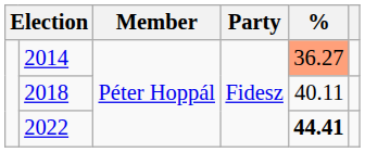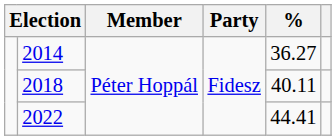 <table class=wikitable>
 <tr>
 <th colspan=2>Election</th>
 <th>Member</th>
 <th>Party</th>
 <th>%</th>
 <th></th>
 </tr>
 <tr>
 <td rowspan=3 bgcolor=></td>
 <td><a href='#'>2014</a></td>
 <td rowspan=3><a href='#'>Péter Hoppál</a></td>
 <td rowspan=3><a href='#'>Fidesz</a></td>
-<td align=right style="background: lightsalmon;">36.27</td>
+<td align=right>36.27</td>
 <td align=center></td>
 </tr>
 <tr>
 <td><a href='#'>2018</a></td>
 <td align=right>40.11</td>
 <td align=center></td>
 </tr>
 <tr>
 <td><a href='#'>2022</a></td>
-<td align=right><strong>44.41</strong></td>
+<td align=right>44.41</td>
 <td align=center></td>
 </tr>
 </table>
